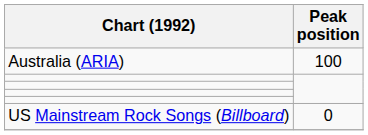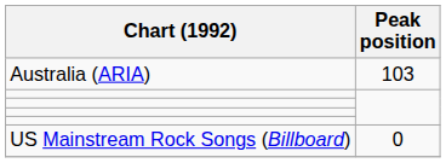 <table class="wikitable sortable">
 <tr>
 <th align="left">Chart (1992)</th>
 <th align="center">Peak<br>position</th>
 </tr>
 <tr>
 <td>Australia (<a href='#'>ARIA</a>)</td>
-<td style="text-align:center;">100</td>
+<td style="text-align:center;">103</td>
 </tr>
 <tr>
 <td></td>
 </tr>
 <tr>
 <td></td>
 </tr>
 <tr>
 <td></td>
 </tr>
 <tr>
 <td></td>
 </tr>
 <tr>
 <td>US <a href='#'>Mainstream Rock Songs</a>  (<em><a href='#'>Billboard</a></em>)</td>
 <td style="text-align:center;">0</td>
 </tr>
 <tr>
 </tr>
 </table>
